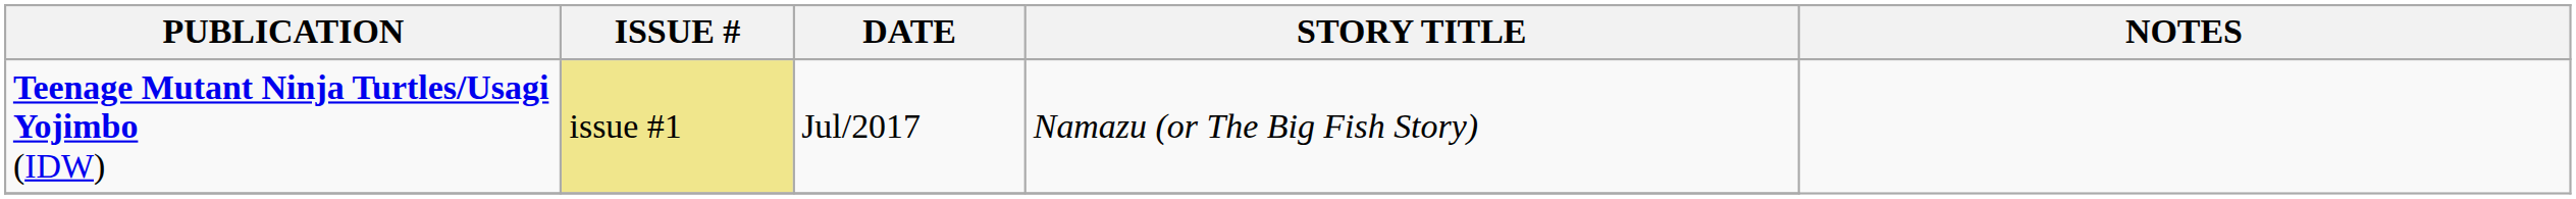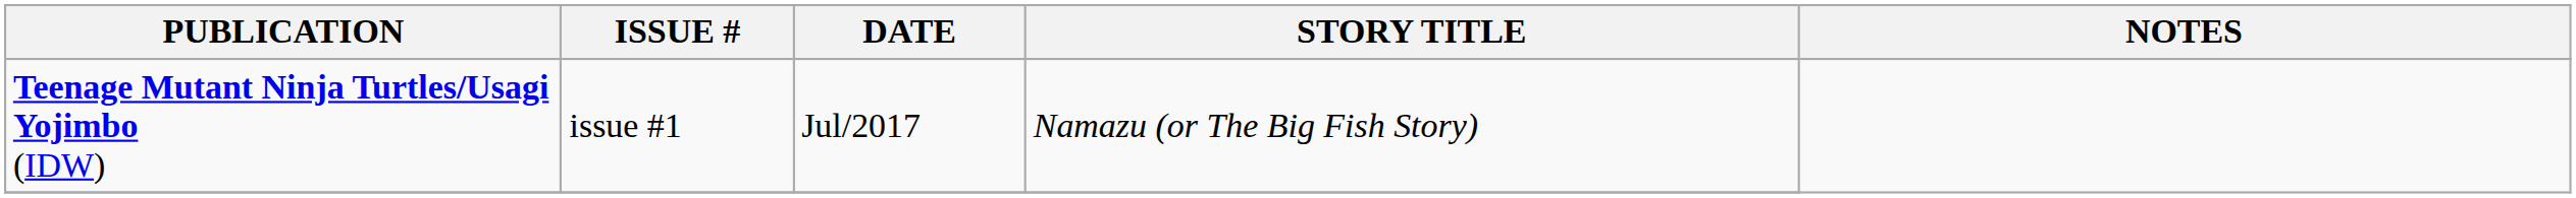 <table class="wikitable">
 <tr>
 <th width="250"><strong>PUBLICATION</strong></th>
 <th width="100"><strong>ISSUE #</strong></th>
 <th width="100"><strong>DATE</strong></th>
 <th width="350"><strong>STORY TITLE</strong></th>
 <th width="350"><strong>NOTES</strong></th>
 </tr>
 <tr>
 <td rowspan=1><strong><a href='#'>Teenage Mutant Ninja Turtles/Usagi Yojimbo</a></strong><br>(<a href='#'>IDW</a>)</td>
-<td style="background: khaki;">issue #1</td>
+<td>issue #1</td>
 <td>Jul/2017</td>
 <td><em>Namazu (or The Big Fish Story)</em></td>
 </tr>
 <tr>
 </tr>
 </table>
